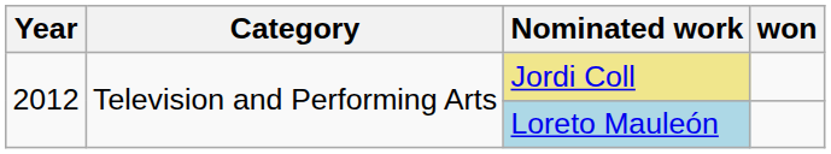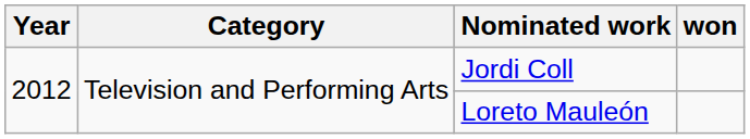 <table class="wikitable">
 <tr>
 <th><strong>Year</strong></th>
 <th><strong>Category</strong></th>
 <th><strong>Nominated work</strong></th>
 <th>won</th>
 </tr>
 <tr>
 <td rowspan=2>2012</td>
 <td rowspan=2>Television and Performing Arts</td>
-<td style="background: khaki;"><a href='#'>Jordi Coll</a></td>
+<td><a href='#'>Jordi Coll</a></td>
 <td></td>
 </tr>
 <tr>
-<td style="background: lightblue;"><a href='#'>Loreto Mauleón</a></td>
+<td><a href='#'>Loreto Mauleón</a></td>
 <td></td>
 </tr>
 </table>
